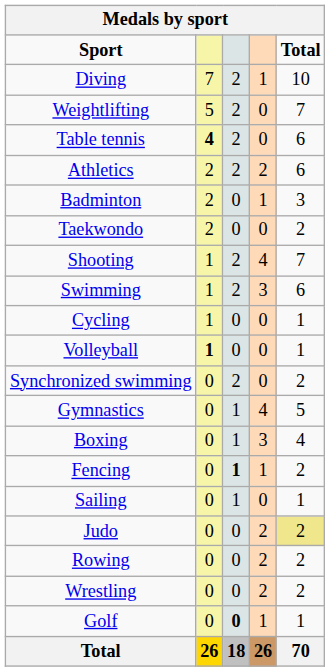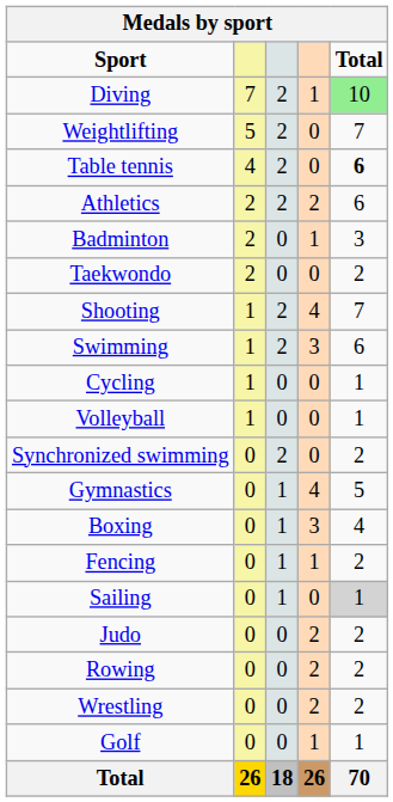 <table class="wikitable" style="font-size:85%; float:right;">
 <tr style="background:#efefef;">
 <th colspan=7>Medals by sport</th>
 </tr>
 <tr align=center>
 <td><strong>Sport</strong></td>
 <td style="background:#f7f6a8;"></td>
 <td style="background:#dce5e5;"></td>
 <td style="background:#ffdab9;"></td>
 <td><strong>Total</strong></td>
 </tr>
 <tr align=center>
 <td><a href='#'>Diving</a></td>
 <td style="background:#f7f6a8;">7</td>
 <td style="background:#dce5e5;">2</td>
 <td style="background:#ffdab9;">1</td>
-<td>10</td>
+<td style="background: lightgreen;">10</td>
 </tr>
 <tr align=center>
 <td><a href='#'>Weightlifting</a></td>
 <td style="background:#f7f6a8;">5</td>
 <td style="background:#dce5e5;">2</td>
 <td style="background:#ffdab9;">0</td>
 <td>7</td>
 </tr>
 <tr align=center>
 <td><a href='#'>Table tennis</a></td>
-<td style="background:#f7f6a8;"><strong>4</strong></td>
+<td style="background:#f7f6a8;">4</td>
 <td style="background:#dce5e5;">2</td>
 <td style="background:#ffdab9;">0</td>
-<td>6</td>
+<td><strong>6</strong></td>
 </tr>
 <tr align=center>
 <td><a href='#'>Athletics</a></td>
 <td style="background:#f7f6a8;">2</td>
 <td style="background:#dce5e5;">2</td>
 <td style="background:#ffdab9;">2</td>
 <td>6</td>
 </tr>
 <tr align=center>
 <td><a href='#'>Badminton</a></td>
 <td style="background:#f7f6a8;">2</td>
 <td style="background:#dce5e5;">0</td>
 <td style="background:#ffdab9;">1</td>
 <td>3</td>
 </tr>
 <tr align=center>
 <td><a href='#'>Taekwondo</a></td>
 <td style="background:#f7f6a8;">2</td>
 <td style="background:#dce5e5;">0</td>
 <td style="background:#ffdab9;">0</td>
 <td>2</td>
 </tr>
 <tr align=center>
 <td><a href='#'>Shooting</a></td>
 <td style="background:#f7f6a8;">1</td>
 <td style="background:#dce5e5;">2</td>
 <td style="background:#ffdab9;">4</td>
 <td>7</td>
 </tr>
 <tr align=center>
 <td><a href='#'>Swimming</a></td>
 <td style="background:#f7f6a8;">1</td>
 <td style="background:#dce5e5;">2</td>
 <td style="background:#ffdab9;">3</td>
 <td>6</td>
 </tr>
 <tr align=center>
 <td><a href='#'>Cycling</a></td>
 <td style="background:#f7f6a8;">1</td>
 <td style="background:#dce5e5;">0</td>
 <td style="background:#ffdab9;">0</td>
 <td>1</td>
 </tr>
 <tr align=center>
 <td><a href='#'>Volleyball</a></td>
-<td style="background:#f7f6a8;"><strong>1</strong></td>
+<td style="background:#f7f6a8;">1</td>
 <td style="background:#dce5e5;">0</td>
 <td style="background:#ffdab9;">0</td>
 <td>1</td>
 </tr>
 <tr align=center>
 <td><a href='#'>Synchronized swimming</a></td>
 <td style="background:#f7f6a8;">0</td>
 <td style="background:#dce5e5;">2</td>
 <td style="background:#ffdab9;">0</td>
 <td>2</td>
 </tr>
 <tr align=center>
 <td><a href='#'>Gymnastics</a></td>
 <td style="background:#f7f6a8;">0</td>
 <td style="background:#dce5e5;">1</td>
 <td style="background:#ffdab9;">4</td>
 <td>5</td>
 </tr>
 <tr align=center>
 <td><a href='#'>Boxing</a></td>
 <td style="background:#f7f6a8;">0</td>
 <td style="background:#dce5e5;">1</td>
 <td style="background:#ffdab9;">3</td>
 <td>4</td>
 </tr>
 <tr align=center>
 <td><a href='#'>Fencing</a></td>
 <td style="background:#f7f6a8;">0</td>
-<td style="background:#dce5e5;"><strong>1</strong></td>
+<td style="background:#dce5e5;">1</td>
 <td style="background:#ffdab9;">1</td>
 <td>2</td>
 </tr>
 <tr align=center>
 <td><a href='#'>Sailing</a></td>
 <td style="background:#f7f6a8;">0</td>
 <td style="background:#dce5e5;">1</td>
 <td style="background:#ffdab9;">0</td>
-<td>1</td>
+<td style="background: lightgrey;">1</td>
 </tr>
 <tr align=center>
 <td><a href='#'>Judo</a></td>
 <td style="background:#f7f6a8;">0</td>
 <td style="background:#dce5e5;">0</td>
 <td style="background:#ffdab9;">2</td>
-<td style="background: khaki;">2</td>
+<td>2</td>
 </tr>
 <tr align=center>
 <td><a href='#'>Rowing</a></td>
 <td style="background:#f7f6a8;">0</td>
 <td style="background:#dce5e5;">0</td>
 <td style="background:#ffdab9;">2</td>
 <td>2</td>
 </tr>
 <tr align=center>
 <td><a href='#'>Wrestling</a></td>
 <td style="background:#f7f6a8;">0</td>
 <td style="background:#dce5e5;">0</td>
 <td style="background:#ffdab9;">2</td>
 <td>2</td>
 </tr>
 <tr align=center>
 <td><a href='#'>Golf</a></td>
 <td style="background:#f7f6a8;">0</td>
-<td style="background:#dce5e5;"><strong>0</strong></td>
+<td style="background:#dce5e5;">0</td>
 <td style="background:#ffdab9;">1</td>
 <td>1</td>
 </tr>
 <tr align=center>
 <th>Total</th>
 <th style="background:gold;">26</th>
 <th style="background:silver;">18</th>
 <th style="background:#c96;">26</th>
 <th>70</th>
 </tr>
 </table>
